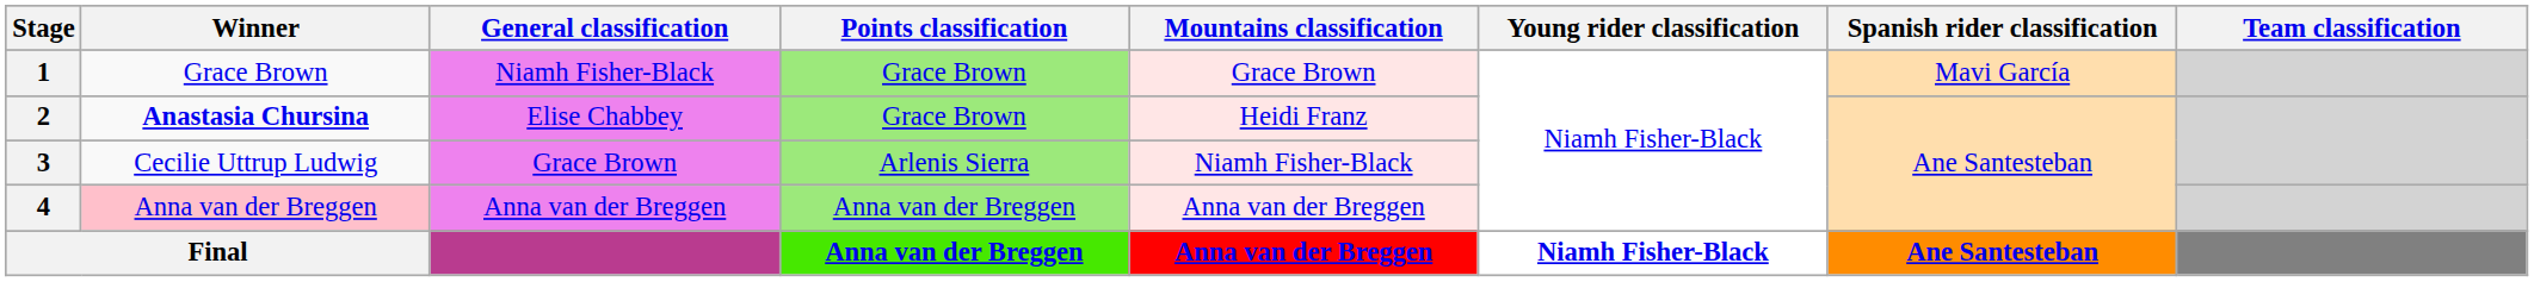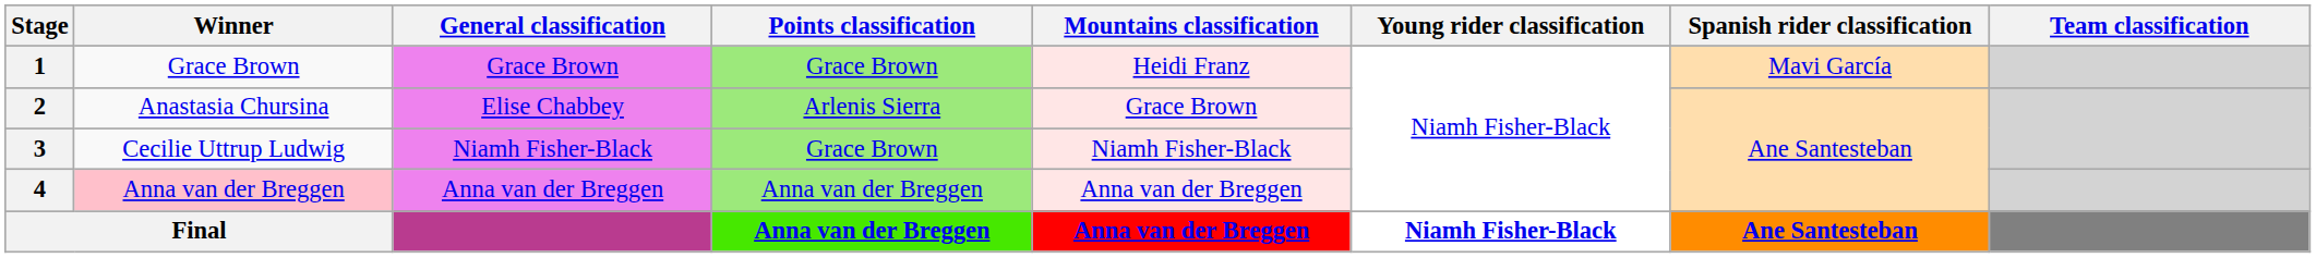 <table class="wikitable" style="text-align: center; font-size:smaller;">
 <tr style="background:#efefef;">
 <th width="2%">Stage</th>
 <th width="14%">Winner</th>
 <th width="14%"><a href='#'>General classification</a><br></th>
 <th width="14%"><a href='#'>Points classification</a><br></th>
 <th width="14%"><a href='#'>Mountains classification</a><br></th>
 <th width="14%">Young rider classification<br></th>
 <th width="14%">Spanish rider classification</th>
 <th width="14%"><a href='#'>Team classification</a></th>
 </tr>
 <tr>
 <th>1</th>
 <td><a href='#'>Grace Brown</a></td>
-<td style="background:violet;"><a href='#'>Niamh Fisher-Black</a></td>
+<td style="background:violet;"><a href='#'>Grace Brown</a></td>
 <td style="background:#9CE97B;"><a href='#'>Grace Brown</a></td>
-<td style="background:#FFE6E6;"><a href='#'>Grace Brown</a></td>
+<td style="background:#FFE6E6;"><a href='#'>Heidi Franz</a></td>
 <td style="background:white;" rowspan="4"><a href='#'>Niamh Fisher-Black</a></td>
 <td style="background:navajowhite;"><a href='#'>Mavi García</a></td>
 <td style="background:lightgrey;"></td>
 </tr>
 <tr>
 <th>2</th>
-<td><strong><a href='#'>Anastasia Chursina</a></strong></td>
+<td><a href='#'>Anastasia Chursina</a></td>
 <td style="background:violet;"><a href='#'>Elise Chabbey</a></td>
-<td style="background:#9CE97B;"><a href='#'>Grace Brown</a></td>
-<td style="background:#FFE6E6;"><a href='#'>Heidi Franz</a></td>
+<td style="background:#9CE97B;"><a href='#'>Arlenis Sierra</a></td>
+<td style="background:#FFE6E6;"><a href='#'>Grace Brown</a></td>
 <td style="background:navajowhite;" rowspan="3"><a href='#'>Ane Santesteban</a></td>
 <td style="background:lightgrey;" rowspan="2"></td>
 </tr>
 <tr>
 <th>3</th>
 <td><a href='#'>Cecilie Uttrup Ludwig</a></td>
-<td style="background:violet;"><a href='#'>Grace Brown</a></td>
-<td style="background:#9CE97B;"><a href='#'>Arlenis Sierra</a></td>
+<td style="background:violet;"><a href='#'>Niamh Fisher-Black</a></td>
+<td style="background:#9CE97B;"><a href='#'>Grace Brown</a></td>
 <td style="background:#FFE6E6;"><a href='#'>Niamh Fisher-Black</a></td>
 </tr>
 <tr>
 <th>4</th>
 <td style="background: pink;"><a href='#'>Anna van der Breggen</a></td>
 <td style="background:violet;"><a href='#'>Anna van der Breggen</a></td>
 <td style="background:#9CE97B;"><a href='#'>Anna van der Breggen</a></td>
 <td style="background:#FFE6E6;"><a href='#'>Anna van der Breggen</a></td>
 <td style="background:lightgrey;"></td>
 </tr>
 <tr>
 <th colspan="2">Final</th>
 <th style="background:#B93B8F;"></th>
 <th style="background:#46E800;"><a href='#'>Anna van der Breggen</a></th>
 <th style="background:#f00;"><a href='#'>Anna van der Breggen</a></th>
 <th style="background:white;"><a href='#'>Niamh Fisher-Black</a></th>
 <th style="background:#FF8C00;"><a href='#'>Ane Santesteban</a></th>
 <th style="background:grey;"></th>
 </tr>
 </table>
